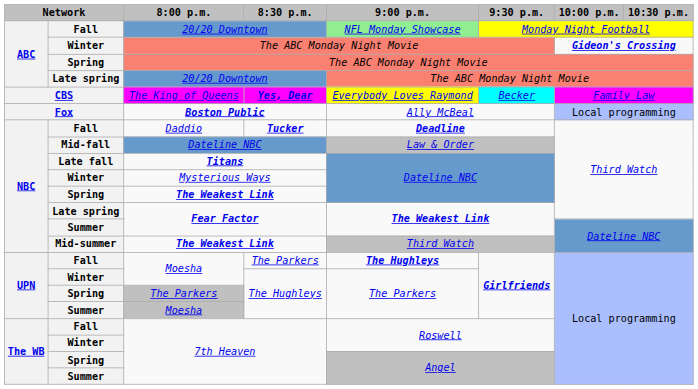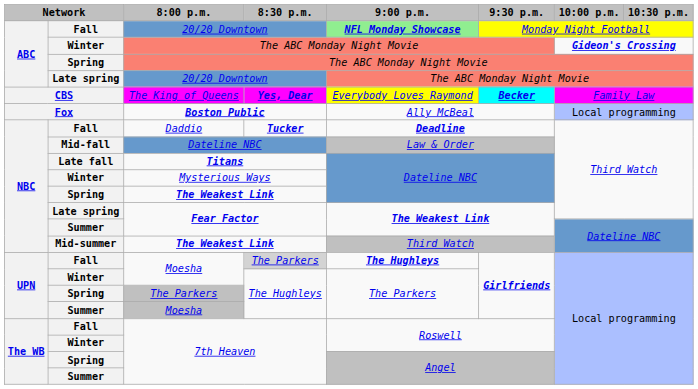 <table class="wikitable" style="width:100%;margin-right:0;text-align:center">
 <tr>
 <th colspan="2" style="background-color:#C0C0C0;text-align:center">Network</th>
 <th style="background-color:#C0C0C0;text-align:center">8:00 p.m.</th>
 <th style="background-color:#C0C0C0;text-align:center">8:30 p.m.</th>
 <th style="background-color:#C0C0C0;text-align:center">9:00 p.m.</th>
 <th style="background-color:#C0C0C0;text-align:center">9:30 p.m.</th>
 <th style="background-color:#C0C0C0;text-align:center">10:00 p.m.</th>
 <th style="background-color:#C0C0C0;text-align:center">10:30 p.m.</th>
 </tr>
 <tr>
 <th rowspan="4"><a href='#'>ABC</a></th>
 <th>Fall</th>
 <td colspan="2" style="background:#6699CC;"><em><a href='#'>20/20 Downtown</a></em></td>
-<td style="background:lightgreen;"><em><a href='#'>NFL Monday Showcase</a></em></td>
+<td style="background:lightgreen;"><strong><em><a href='#'>NFL Monday Showcase</a></em></strong></td>
 <td style="background:#FFFF00;" colspan="3"><em><a href='#'>Monday Night Football</a></em> </td>
 </tr>
 <tr>
 <th>Winter</th>
 <td style="background:#FA8072;" colspan="4"><em>The ABC Monday Night Movie</em></td>
 <td colspan="2"><strong><em><a href='#'>Gideon's Crossing</a></em></strong></td>
 </tr>
 <tr>
 <th>Spring</th>
 <td style="background:#FA8072;" colspan="6"><em>The ABC Monday Night Movie</em></td>
 </tr>
 <tr>
 <th>Late spring</th>
 <td colspan="2" style="background:#6699CC;"><em><a href='#'>20/20 Downtown</a></em></td>
 <td style="background:#FA8072;" colspan="4"><em>The ABC Monday Night Movie</em></td>
 </tr>
 <tr>
 <th colspan="2"><a href='#'>CBS</a></th>
 <td style="background:magenta;"><em><a href='#'>The King of Queens</a></em> </td>
 <td style="background:magenta;"><strong><em><a href='#'>Yes, Dear</a></em></strong> </td>
 <td style="background:yellow;"><em><a href='#'>Everybody Loves Raymond</a></em> </td>
-<td style="background:cyan;"><em><a href='#'>Becker</a></em> </td>
+<td style="background:cyan;"><strong><em><a href='#'>Becker</a></em> </strong></td>
 <td style="background:magenta;" colspan="2"><em><a href='#'>Family Law</a></em> </td>
 </tr>
 <tr>
 <th colspan="2"><a href='#'>Fox</a></th>
 <td colspan="2"><strong><em><a href='#'>Boston Public</a></em></strong></td>
 <td colspan="2"><em><a href='#'>Ally McBeal</a></em></td>
 <td style="background:#abbfff;" colspan="2">Local programming</td>
 </tr>
 <tr>
 <th rowspan="8"><a href='#'>NBC</a></th>
 <th>Fall</th>
 <td><em><a href='#'>Daddio</a></em></td>
 <td><strong><em><a href='#'>Tucker</a></em></strong></td>
 <td colspan="2"><strong><em><a href='#'>Deadline</a></em></strong></td>
 <td rowspan="6" colspan="2"><em><a href='#'>Third Watch</a></em></td>
 </tr>
 <tr>
 <th>Mid-fall</th>
 <td colspan="2" style="background:#6699CC;"><em><a href='#'>Dateline NBC</a></em></td>
 <td colspan="2" style="background:#C0C0C0;"><em><a href='#'>Law & Order</a></em> </td>
 </tr>
 <tr>
 <th>Late fall</th>
 <td colspan="2"><strong><em><a href='#'>Titans</a></em></strong></td>
 <td rowspan="3" colspan="2" style="background:#6699CC;"><em><a href='#'>Dateline NBC</a></em></td>
 </tr>
 <tr>
 <th>Winter</th>
 <td colspan="2"><em><a href='#'>Mysterious Ways</a></em></td>
 </tr>
 <tr>
 <th>Spring</th>
 <td colspan="2"><strong><em><a href='#'>The Weakest Link</a></em></strong></td>
 </tr>
 <tr>
 <th>Late spring</th>
 <td colspan="2" rowspan="2"><strong><em><a href='#'>Fear Factor</a></em></strong></td>
 <td colspan="2" rowspan="2"><strong><em><a href='#'>The Weakest Link</a></em></strong></td>
 </tr>
 <tr>
 <th>Summer</th>
 <td colspan="2" rowspan="2" style="background:#6699CC"><em><a href='#'>Dateline NBC</a></em></td>
 </tr>
 <tr>
 <th>Mid-summer</th>
 <td colspan="2"><strong><em><a href='#'>The Weakest Link</a></em></strong></td>
 <td colspan="2" style="background:#C0C0C0;"><em><a href='#'>Third Watch</a></em> </td>
 </tr>
 <tr>
 <th rowspan="4"><a href='#'>UPN</a></th>
 <th>Fall</th>
 <td rowspan="2"><em><a href='#'>Moesha</a></em></td>
-<td><em><a href='#'>The Parkers</a></em></td>
+<td style="background: lightgrey;"><em><a href='#'>The Parkers</a></em></td>
 <td><strong><em><a href='#'>The Hughleys</a></em></strong></td>
 <td rowspan="4"><strong><em><a href='#'>Girlfriends</a></em></strong></td>
 <td style="background:#abbfff;" colspan="2" rowspan="9">Local programming</td>
 </tr>
 <tr>
 <th>Winter</th>
 <td rowspan="3"><em><a href='#'>The Hughleys</a></em></td>
 <td rowspan="3"><em><a href='#'>The Parkers</a></em></td>
 </tr>
 <tr>
 <th>Spring</th>
 <td style="background:#C0C0C0;"><em><a href='#'>The Parkers</a></em> </td>
 </tr>
 <tr>
 <th>Summer</th>
 <td style="background:#C0C0C0;"><em><a href='#'>Moesha</a></em> </td>
 </tr>
 <tr>
 <th rowspan="4"><a href='#'>The WB</a></th>
 <th>Fall</th>
 <td colspan="2" rowspan="4"><em><a href='#'>7th Heaven</a></em></td>
 <td colspan="2" rowspan="2"><em><a href='#'>Roswell</a></em></td>
 </tr>
 <tr>
 <th>Winter</th>
 </tr>
 <tr>
 <th>Spring</th>
 <td colspan="2" rowspan="2" style="background:#C0C0C0;"><em><a href='#'>Angel</a></em> </td>
 </tr>
 <tr>
 <th>Summer</th>
 </tr>
 </table>
